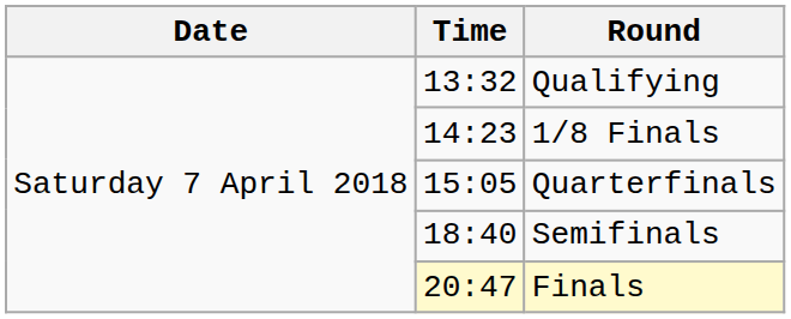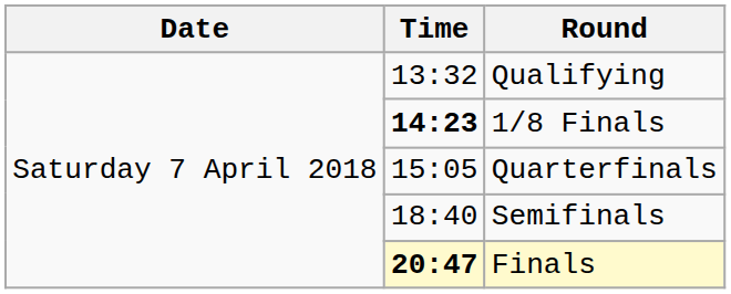 <table class="wikitable">
 <tr>
 <th>Date</th>
 <th>Time</th>
 <th>Round</th>
 </tr>
 <tr>
 <td rowspan=5>Saturday 7 April 2018</td>
 <td>13:32</td>
 <td>Qualifying</td>
 </tr>
 <tr>
-<td>14:23</td>
+<td><strong>14:23</strong></td>
 <td>1/8 Finals</td>
 </tr>
 <tr>
 <td>15:05</td>
 <td>Quarterfinals</td>
 </tr>
 <tr>
 <td>18:40</td>
 <td>Semifinals</td>
 </tr>
 <tr>
-<td style=background:lemonchiffon>20:47</td>
+<td style=background:lemonchiffon><strong>20:47</strong></td>
 <td style=background:lemonchiffon>Finals</td>
 </tr>
 </table>
